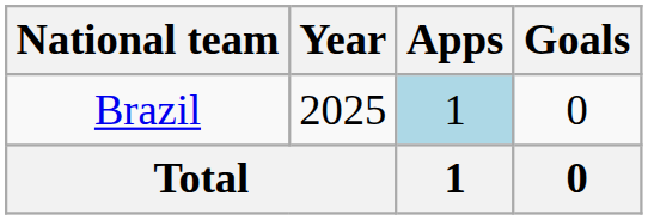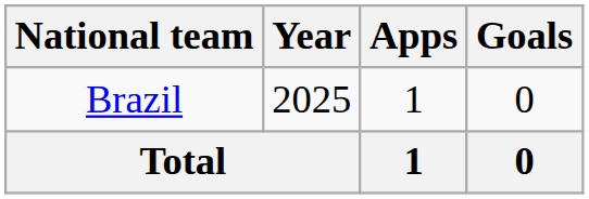 <table class="wikitable" style="text-align:center">
 <tr>
 <th>National team</th>
 <th>Year</th>
 <th>Apps</th>
 <th>Goals</th>
 </tr>
 <tr>
 <td><a href='#'>Brazil</a></td>
 <td>2025</td>
-<td style="background: lightblue;">1</td>
+<td>1</td>
 <td>0</td>
 </tr>
 <tr>
 <th colspan="2">Total</th>
 <th>1</th>
 <th>0</th>
 </tr>
 </table>
